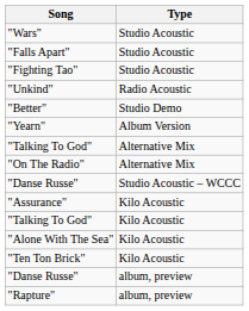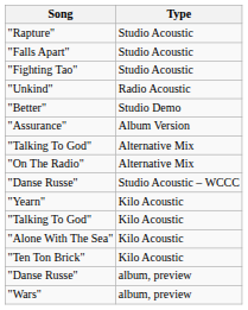 <table class="wikitable">
 <tr>
 <th>Song</th>
 <th>Type</th>
 </tr>
 <tr>
-<td>"Wars"</td>
+<td>"Rapture"</td>
 <td>Studio Acoustic</td>
 </tr>
 <tr>
 <td>"Falls Apart"</td>
 <td>Studio Acoustic</td>
 </tr>
 <tr>
 <td>"Fighting Tao"</td>
 <td>Studio Acoustic</td>
 </tr>
 <tr>
 <td>"Unkind"</td>
 <td>Radio Acoustic</td>
 </tr>
 <tr>
 <td>"Better"</td>
 <td>Studio Demo</td>
 </tr>
 <tr>
-<td>"Yearn"</td>
+<td>"Assurance"</td>
 <td>Album Version</td>
 </tr>
 <tr>
 <td>"Talking To God"</td>
 <td>Alternative Mix</td>
 </tr>
 <tr>
 <td>"On The Radio"</td>
 <td>Alternative Mix</td>
 </tr>
 <tr>
 <td>"Danse Russe"</td>
 <td>Studio Acoustic – WCCC</td>
 </tr>
 <tr>
-<td>"Assurance"</td>
+<td>"Yearn"</td>
 <td>Kilo Acoustic</td>
 </tr>
 <tr>
 <td>"Talking To God"</td>
 <td>Kilo Acoustic</td>
 </tr>
 <tr>
 <td>"Alone With The Sea"</td>
 <td>Kilo Acoustic</td>
 </tr>
 <tr>
 <td>"Ten Ton Brick"</td>
 <td>Kilo Acoustic</td>
 </tr>
 <tr>
 <td>"Danse Russe"</td>
 <td>album, preview</td>
 </tr>
 <tr>
-<td>"Rapture"</td>
+<td>"Wars"</td>
 <td>album, preview</td>
 </tr>
 </table>
